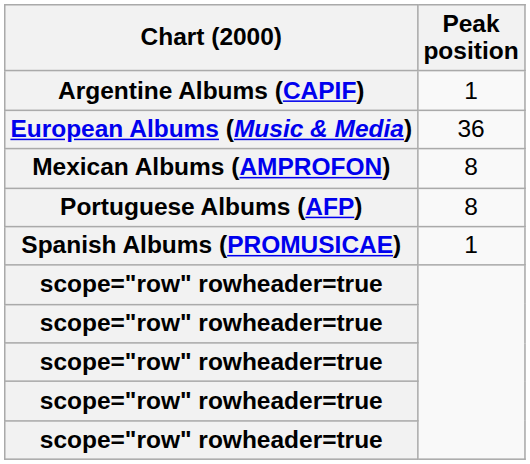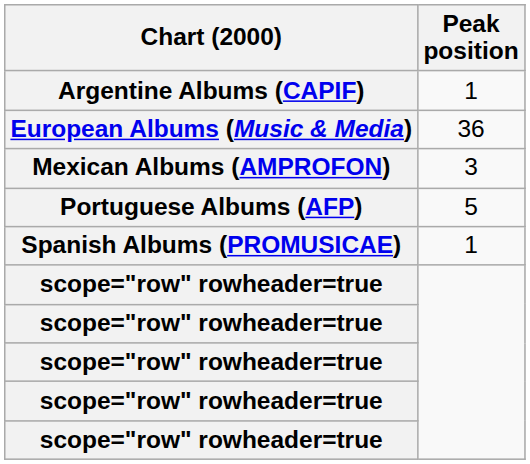 <table class="wikitable sortable plainrowheaders">
 <tr>
 <th>Chart (2000)</th>
 <th>Peak<br>position</th>
 </tr>
 <tr>
 <th scope="row">Argentine Albums (<a href='#'>CAPIF</a>)</th>
 <td style="text-align:center;">1</td>
 </tr>
 <tr>
 <th scope="row"><a href='#'>European Albums</a> (<em><a href='#'>Music & Media</a></em>)</th>
 <td align="center">36</td>
 </tr>
 <tr>
 <th scope="row">Mexican Albums (<a href='#'>AMPROFON</a>)</th>
-<td style="text-align:center;">8</td>
+<td style="text-align:center;">3</td>
 </tr>
 <tr>
 <th scope="row">Portuguese Albums (<a href='#'>AFP</a>)</th>
-<td align="center">8</td>
+<td align="center">5</td>
 </tr>
 <tr>
 <th scope="row">Spanish Albums (<a href='#'>PROMUSICAE</a>)</th>
 <td style="text-align:center;">1</td>
 </tr>
 <tr>
 <th>scope="row" rowheader=true</th>
 </tr>
 <tr>
 <th>scope="row" rowheader=true</th>
 </tr>
 <tr>
 <th>scope="row" rowheader=true</th>
 </tr>
 <tr>
 <th>scope="row" rowheader=true</th>
 </tr>
 <tr>
 <th>scope="row" rowheader=true</th>
 </tr>
 </table>
